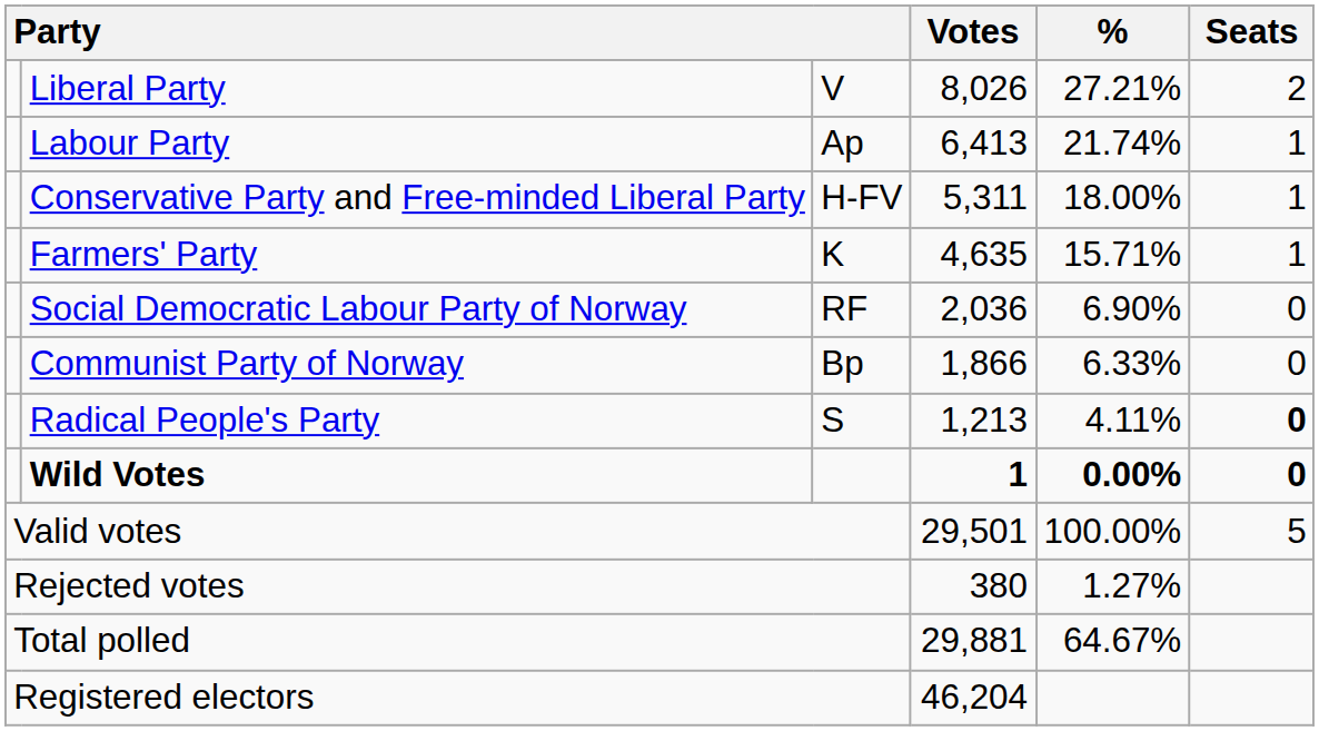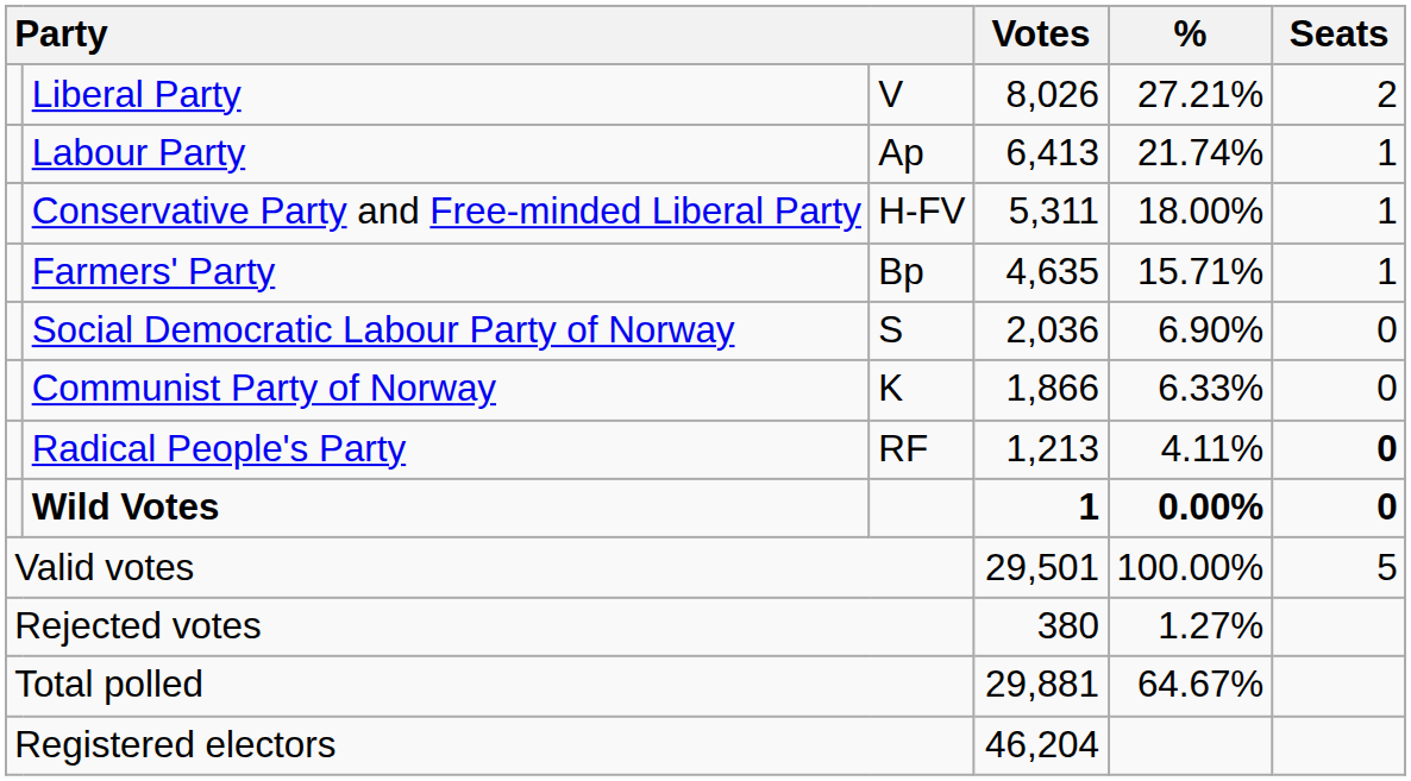 <table class="wikitable" border="1" style="text-align:right;">
 <tr>
 <th style="text-align:left;" colspan=3>Party</th>
 <th align=center width="50">Votes</th>
 <th align=center width="50">%</th>
 <th align=center width="50">Seats</th>
 </tr>
 <tr>
 <td style="color:inherit;background:"></td>
 <td align=left><a href='#'>Liberal Party</a></td>
 <td align=left>V</td>
 <td>8,026</td>
 <td>27.21%</td>
 <td>2</td>
 </tr>
 <tr>
 <td style="color:inherit;background:"></td>
 <td align=left><a href='#'>Labour Party</a></td>
 <td align=left>Ap</td>
 <td>6,413</td>
 <td>21.74%</td>
 <td>1</td>
 </tr>
 <tr>
 <td></td>
 <td align=left><a href='#'>Conservative Party</a> and <a href='#'>Free-minded Liberal Party</a></td>
 <td align=left>H-FV</td>
 <td>5,311</td>
 <td>18.00%</td>
 <td>1</td>
 </tr>
 <tr>
 <td style="color:inherit;background:"></td>
 <td align=left><a href='#'>Farmers' Party</a></td>
-<td align=left>K</td>
+<td align=left>Bp</td>
 <td>4,635</td>
 <td>15.71%</td>
 <td>1</td>
 </tr>
 <tr>
 <td style="color:inherit;background:"></td>
 <td align=left><a href='#'>Social Democratic Labour Party of Norway</a></td>
-<td align=left>RF</td>
+<td align=left>S</td>
 <td>2,036</td>
 <td>6.90%</td>
 <td>0</td>
 </tr>
 <tr>
 <td style="color:inherit;background:"></td>
 <td align=left><a href='#'>Communist Party of Norway</a></td>
-<td align=left>Bp</td>
+<td align=left>K</td>
 <td>1,866</td>
 <td>6.33%</td>
 <td>0</td>
 </tr>
 <tr>
 <td></td>
 <td align=left><a href='#'>Radical People's Party</a></td>
-<td align=left>S</td>
+<td align=left>RF</td>
 <td>1,213</td>
 <td>4.11%</td>
 <td><strong>0</strong></td>
 </tr>
 <tr style="font-weight:bold">
 <td></td>
 <td align=left>Wild Votes</td>
 <td align=left></td>
 <td>1</td>
 <td>0.00%</td>
 <td>0</td>
 </tr>
 <tr>
 <td align=left colspan=3>Valid votes</td>
 <td>29,501</td>
 <td>100.00%</td>
 <td>5</td>
 </tr>
 <tr>
 <td align=left colspan=3>Rejected votes</td>
 <td>380</td>
 <td>1.27%</td>
 <td></td>
 </tr>
 <tr>
 <td align=left colspan=3>Total polled</td>
 <td>29,881</td>
 <td>64.67%</td>
 <td></td>
 </tr>
 <tr>
 <td align=left colspan=3>Registered electors</td>
 <td>46,204</td>
 <td></td>
 <td></td>
 </tr>
 </table>
